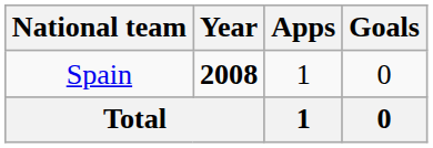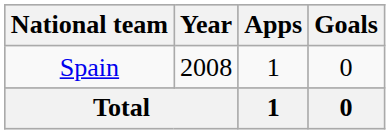 <table class="wikitable" style="text-align:center">
 <tr>
 <th>National team</th>
 <th>Year</th>
 <th>Apps</th>
 <th>Goals</th>
 </tr>
 <tr>
 <td><a href='#'>Spain</a></td>
-<td><strong>2008</strong></td>
+<td>2008</td>
 <td>1</td>
 <td>0</td>
 </tr>
 <tr>
 <th colspan="2">Total</th>
 <th>1</th>
 <th>0</th>
 </tr>
 </table>
